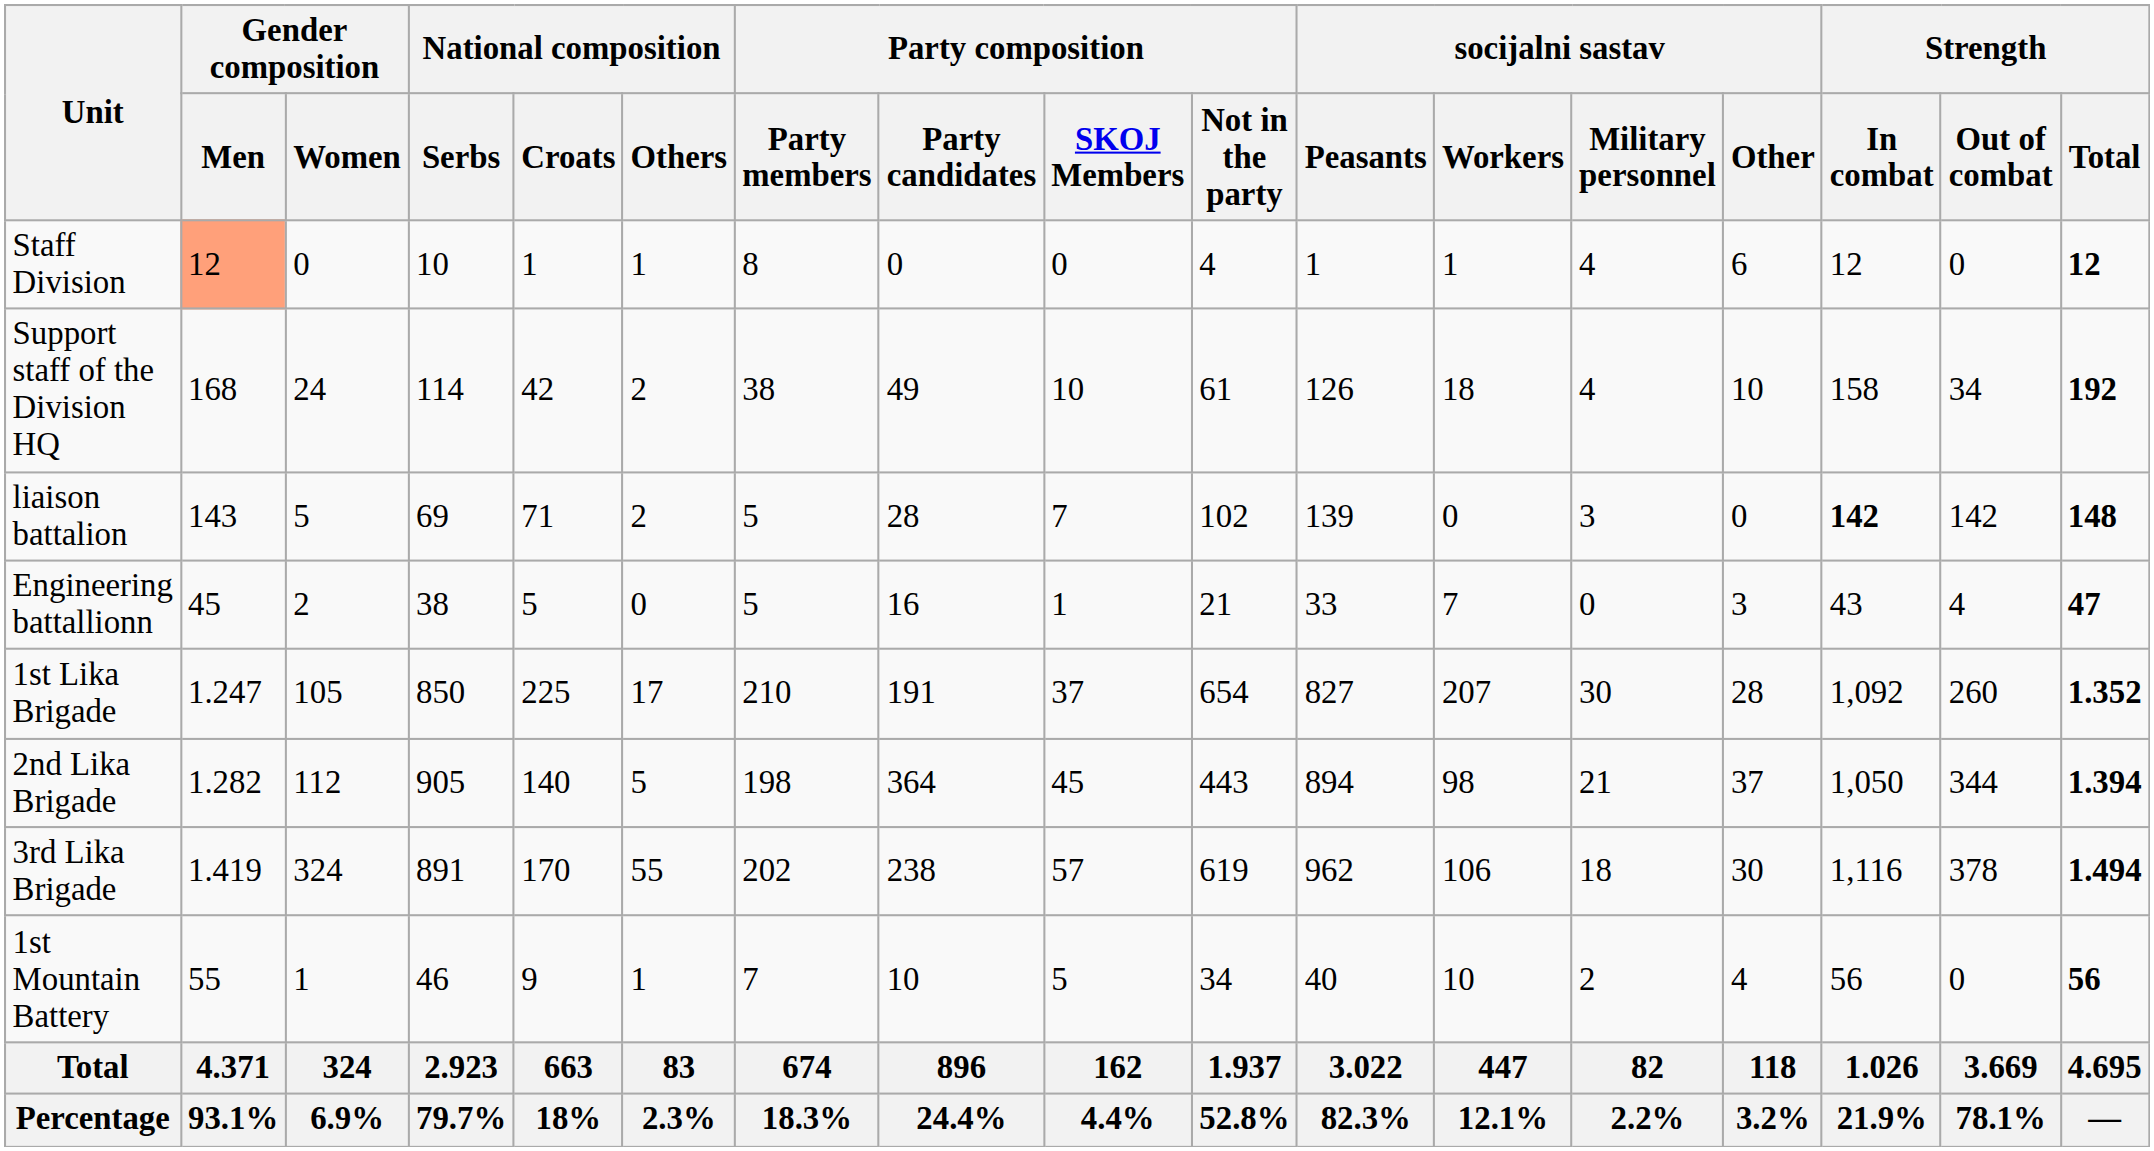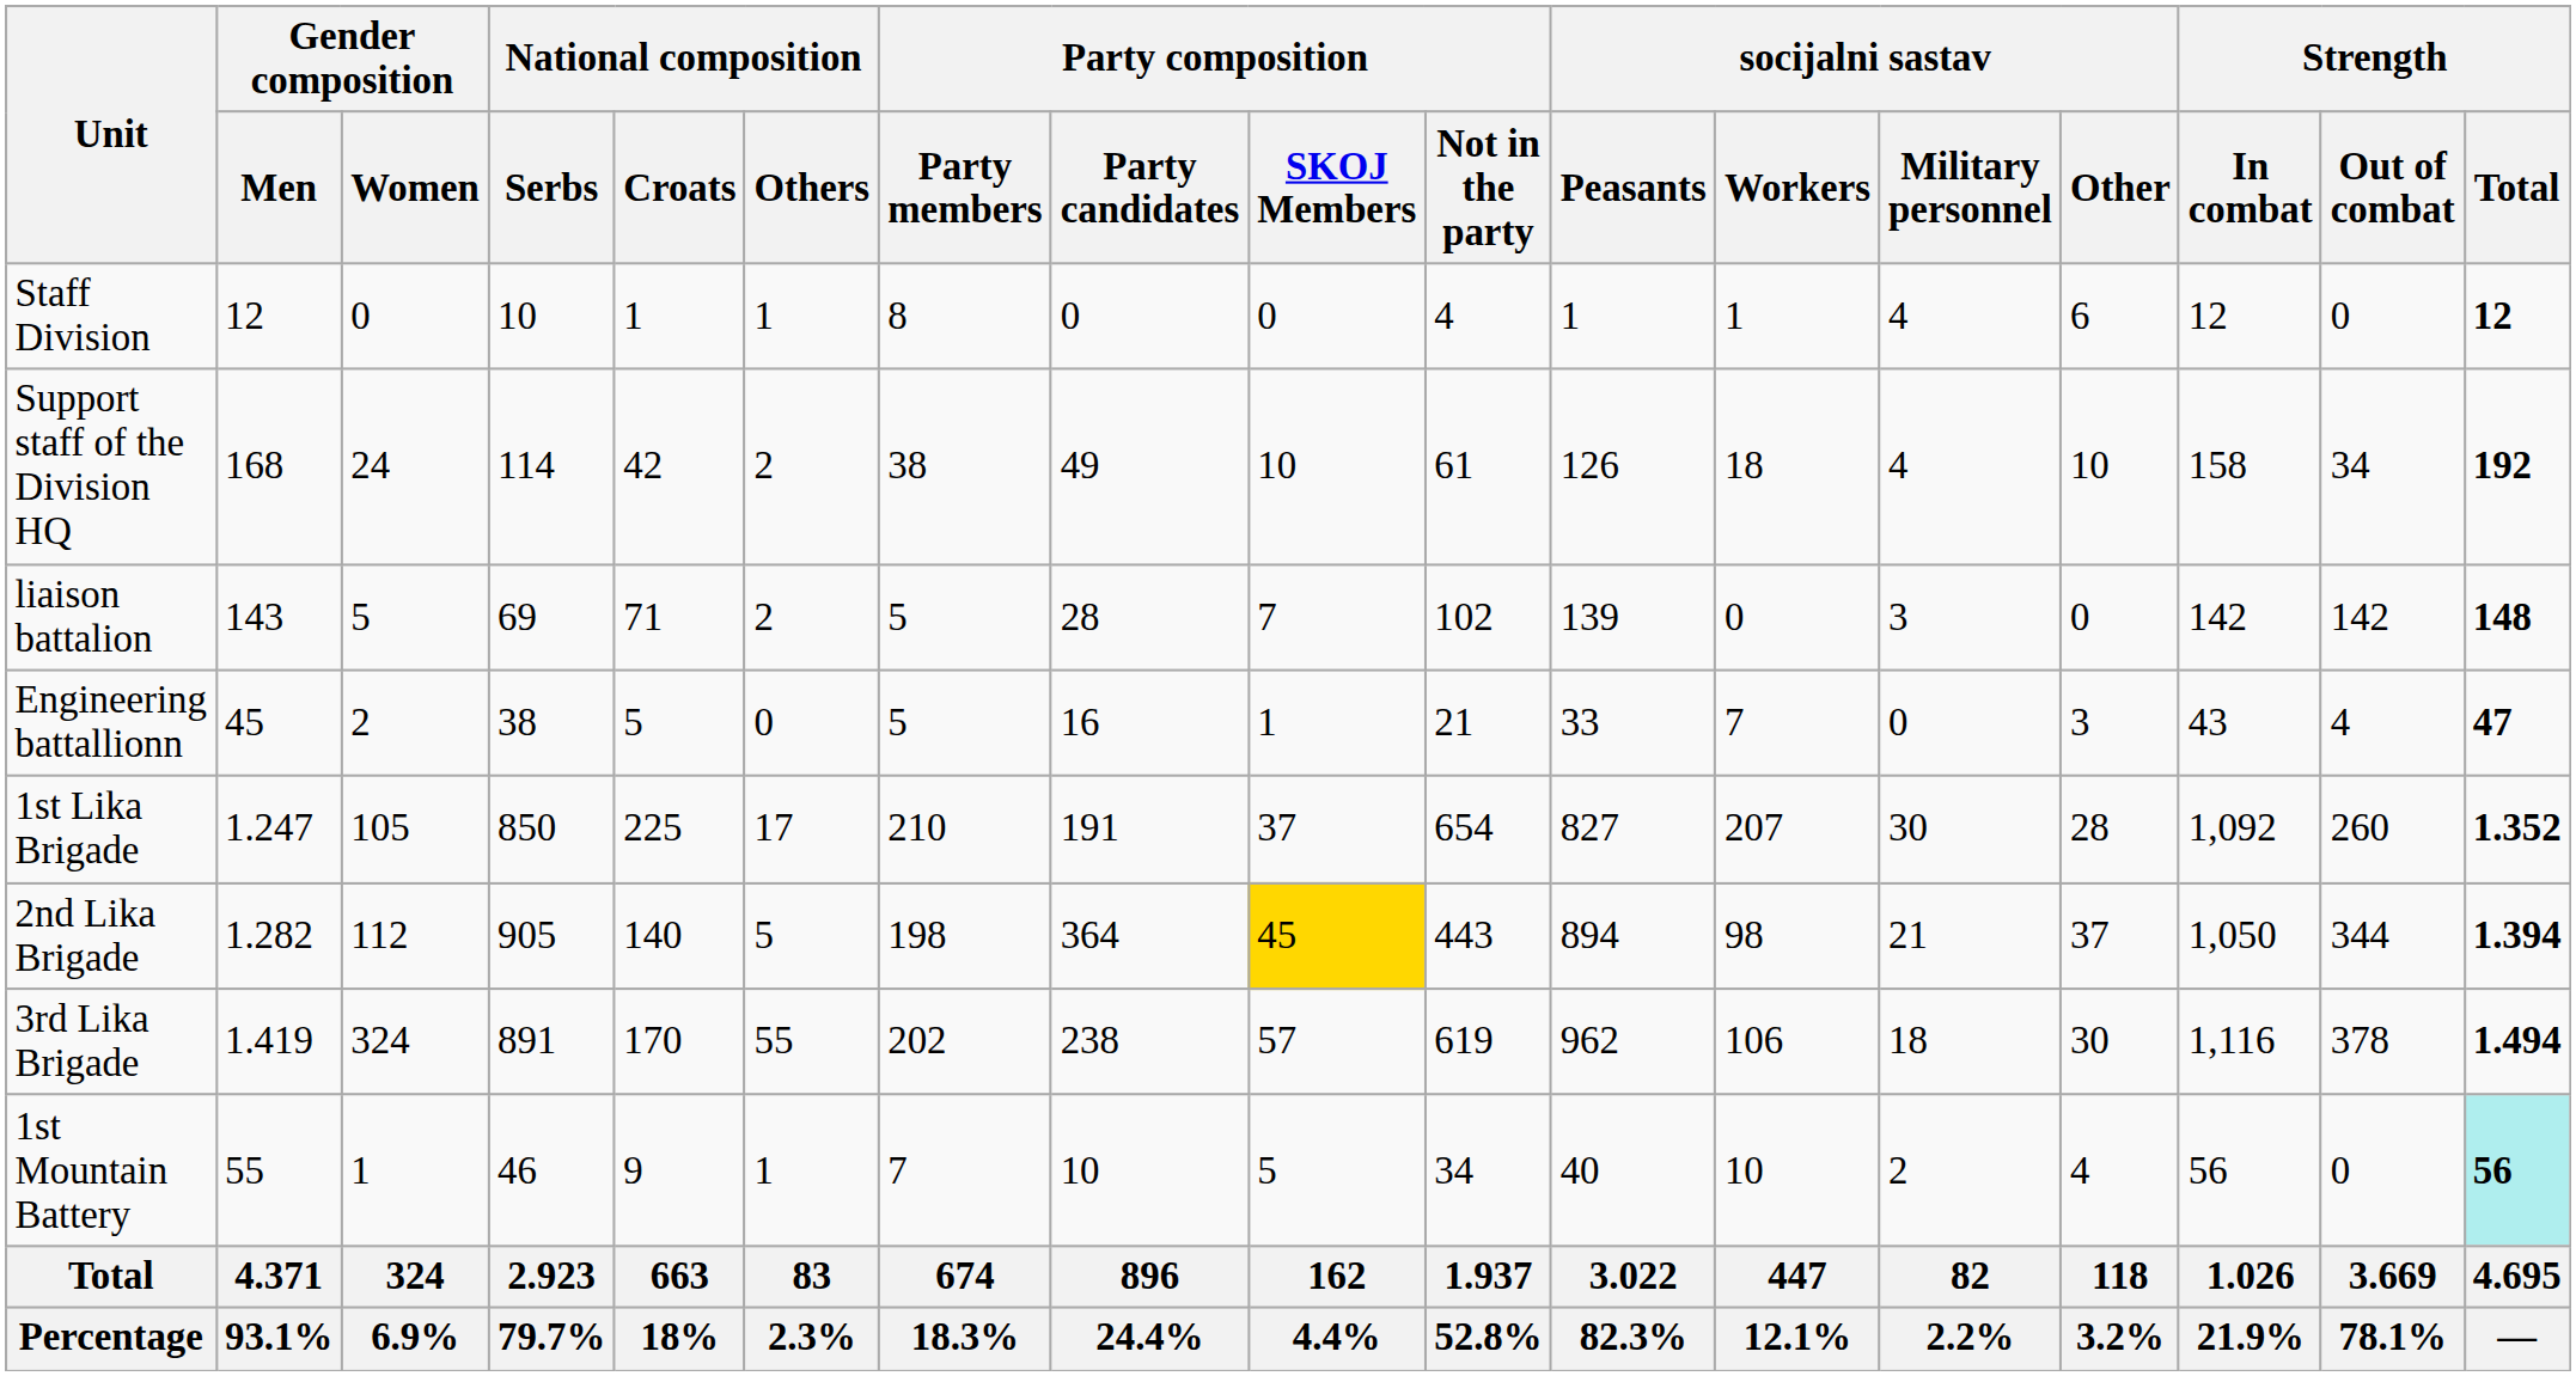 <table class="wikitable">
 <tr>
 <th rowspan="2">Unit</th>
 <th colspan="2">Gender composition</th>
 <th colspan="3">National composition</th>
 <th colspan="4">Party composition</th>
 <th colspan="4">socijalni sastav</th>
 <th colspan="3">Strength</th>
 </tr>
 <tr>
 <th>Men</th>
 <th>Women</th>
 <th>Serbs</th>
 <th>Croats</th>
 <th>Others</th>
 <th>Party members</th>
 <th>Party candidates</th>
 <th><a href='#'>SKOJ</a> Members</th>
 <th>Not in the party</th>
 <th>Peasants</th>
 <th>Workers</th>
 <th>Military personnel</th>
 <th>Other</th>
 <th>In combat</th>
 <th>Out of combat</th>
 <th>Total</th>
 </tr>
 <tr>
 <td>Staff Division</td>
-<td style="background: lightsalmon;">12</td>
+<td>12</td>
 <td>0</td>
 <td>10</td>
 <td>1</td>
 <td>1</td>
 <td>8</td>
 <td>0</td>
 <td>0</td>
 <td>4</td>
 <td>1</td>
 <td>1</td>
 <td>4</td>
 <td>6</td>
 <td>12</td>
 <td>0</td>
 <td><strong>12</strong></td>
 </tr>
 <tr>
 <td>Support staff of the Division HQ</td>
 <td>168</td>
 <td>24</td>
 <td>114</td>
 <td>42</td>
 <td>2</td>
 <td>38</td>
 <td>49</td>
 <td>10</td>
 <td>61</td>
 <td>126</td>
 <td>18</td>
 <td>4</td>
 <td>10</td>
 <td>158</td>
 <td>34</td>
 <td><strong>192</strong></td>
 </tr>
 <tr>
 <td>liaison battalion</td>
 <td>143</td>
 <td>5</td>
 <td>69</td>
 <td>71</td>
 <td>2</td>
 <td>5</td>
 <td>28</td>
 <td>7</td>
 <td>102</td>
 <td>139</td>
 <td>0</td>
 <td>3</td>
 <td>0</td>
-<td><strong>142</strong></td>
+<td>142</td>
 <td>142</td>
 <td><strong>148</strong></td>
 </tr>
 <tr>
 <td>Engineering battallionn</td>
 <td>45</td>
 <td>2</td>
 <td>38</td>
 <td>5</td>
 <td>0</td>
 <td>5</td>
 <td>16</td>
 <td>1</td>
 <td>21</td>
 <td>33</td>
 <td>7</td>
 <td>0</td>
 <td>3</td>
 <td>43</td>
 <td>4</td>
 <td><strong>47</strong></td>
 </tr>
 <tr>
 <td>1st Lika Brigade</td>
 <td>1.247</td>
 <td>105</td>
 <td>850</td>
 <td>225</td>
 <td>17</td>
 <td>210</td>
 <td>191</td>
 <td>37</td>
 <td>654</td>
 <td>827</td>
 <td>207</td>
 <td>30</td>
 <td>28</td>
 <td>1,092</td>
 <td>260</td>
 <td><strong>1.352</strong></td>
 </tr>
 <tr>
 <td>2nd Lika Brigade</td>
 <td>1.282</td>
 <td>112</td>
 <td>905</td>
 <td>140</td>
 <td>5</td>
 <td>198</td>
 <td>364</td>
-<td>45</td>
+<td style="background: gold;">45</td>
 <td>443</td>
 <td>894</td>
 <td>98</td>
 <td>21</td>
 <td>37</td>
 <td>1,050</td>
 <td>344</td>
 <td><strong>1.394</strong></td>
 </tr>
 <tr>
 <td>3rd Lika Brigade</td>
 <td>1.419</td>
 <td>324</td>
 <td>891</td>
 <td>170</td>
 <td>55</td>
 <td>202</td>
 <td>238</td>
 <td>57</td>
 <td>619</td>
 <td>962</td>
 <td>106</td>
 <td>18</td>
 <td>30</td>
 <td>1,116</td>
 <td>378</td>
 <td><strong>1.494</strong></td>
 </tr>
 <tr>
 <td>1st Mountain Battery</td>
 <td>55</td>
 <td>1</td>
 <td>46</td>
 <td>9</td>
 <td>1</td>
 <td>7</td>
 <td>10</td>
 <td>5</td>
 <td>34</td>
 <td>40</td>
 <td>10</td>
 <td>2</td>
 <td>4</td>
 <td>56</td>
 <td>0</td>
-<td><strong>56</strong></td>
+<td style="background: paleturquoise;"><strong>56</strong></td>
 </tr>
 <tr>
 <th>Total</th>
 <th>4.371</th>
 <th>324</th>
 <th>2.923</th>
 <th>663</th>
 <th>83</th>
 <th>674</th>
 <th>896</th>
 <th>162</th>
 <th>1.937</th>
 <th>3.022</th>
 <th>447</th>
 <th>82</th>
 <th>118</th>
 <th>1.026</th>
 <th>3.669</th>
 <th>4.695</th>
 </tr>
 <tr>
 <th>Percentage</th>
 <th>93.1%</th>
 <th>6.9%</th>
 <th>79.7%</th>
 <th>18%</th>
 <th>2.3%</th>
 <th>18.3%</th>
 <th>24.4%</th>
 <th>4.4%</th>
 <th>52.8%</th>
 <th>82.3%</th>
 <th>12.1%</th>
 <th>2.2%</th>
 <th>3.2%</th>
 <th>21.9%</th>
 <th>78.1%</th>
 <th>—</th>
 </tr>
 </table>
